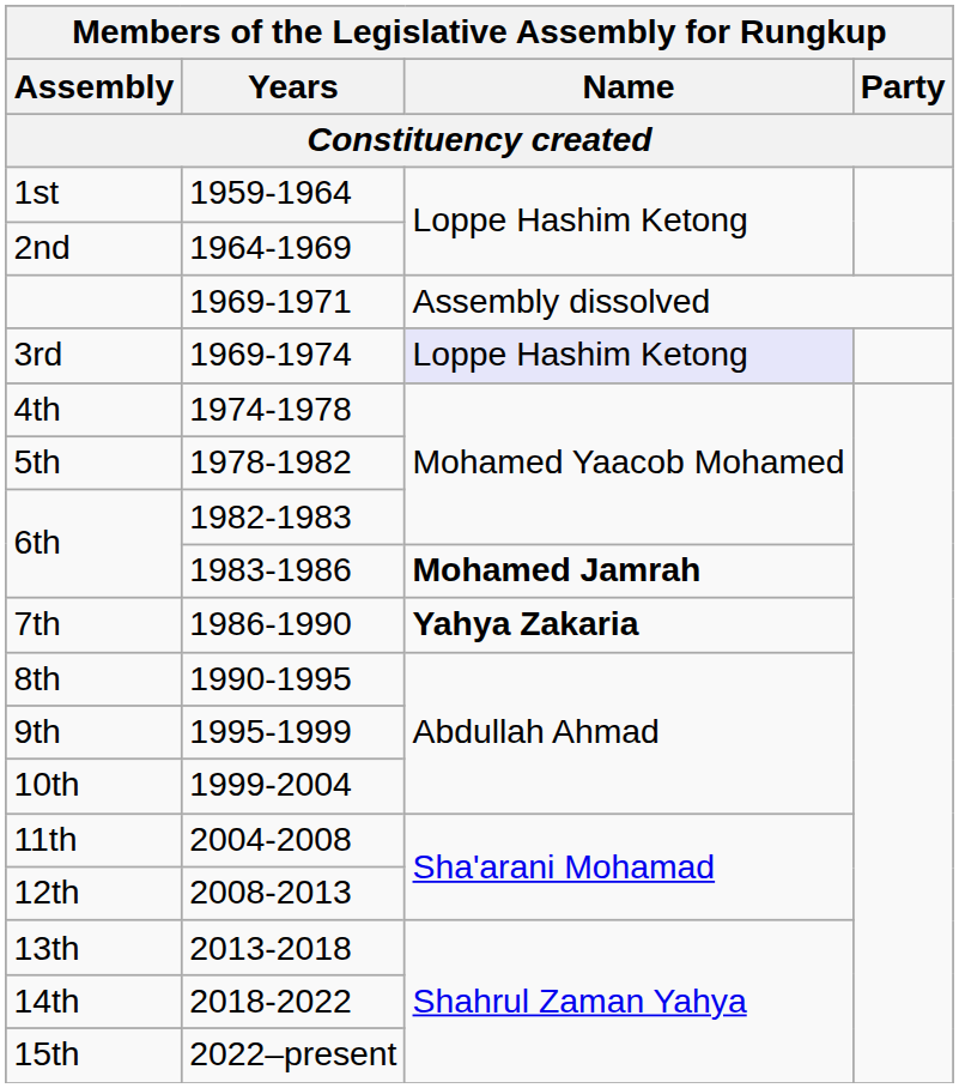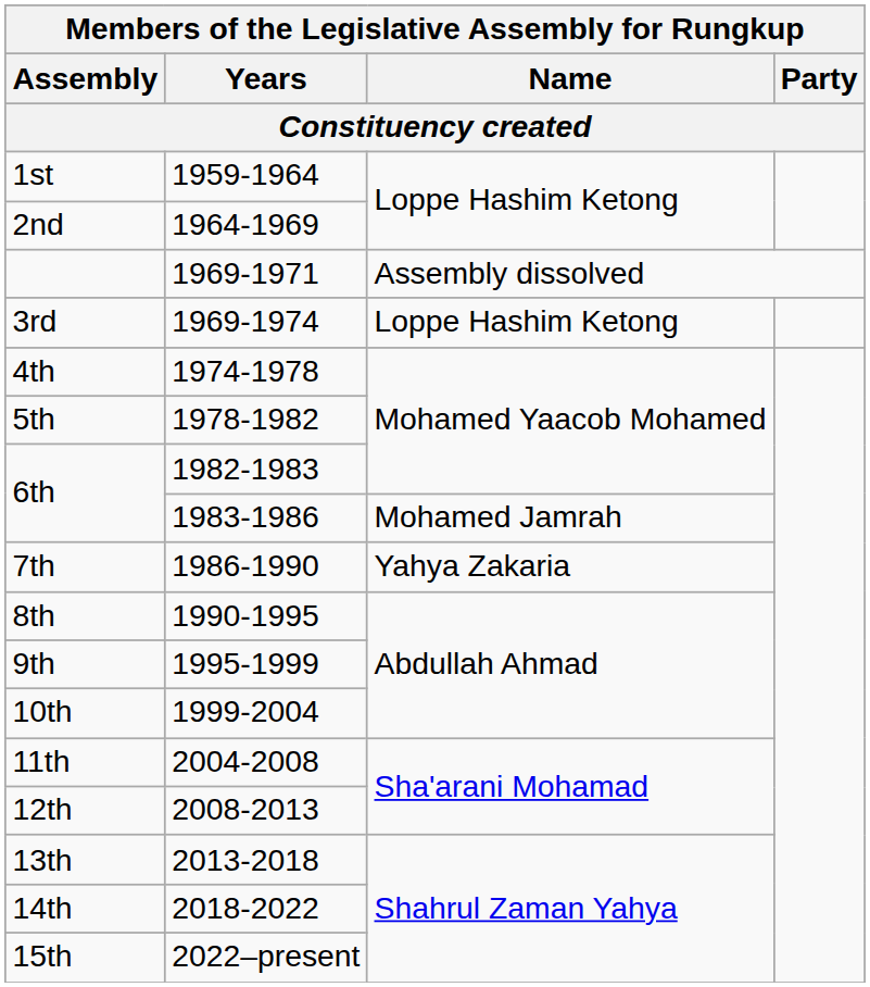 <table class="wikitable">
 <tr>
 <th colspan="4">Members of the Legislative Assembly for Rungkup</th>
 </tr>
 <tr>
 <th>Assembly</th>
 <th>Years</th>
 <th>Name</th>
 <th>Party</th>
 </tr>
 <tr>
 <th colspan="4"><em>Constituency created</em></th>
 </tr>
 <tr>
 <td>1st</td>
 <td>1959-1964</td>
 <td rowspan="2">Loppe Hashim Ketong</td>
 <td rowspan="2"></td>
 </tr>
 <tr>
 <td>2nd</td>
 <td>1964-1969</td>
 </tr>
 <tr>
 <td></td>
 <td>1969-1971</td>
 <td colspan="2">Assembly dissolved</td>
 </tr>
 <tr>
 <td>3rd</td>
 <td>1969-1974</td>
-<td style="background: lavender;">Loppe Hashim Ketong</td>
+<td>Loppe Hashim Ketong</td>
 <td></td>
 </tr>
 <tr>
 <td>4th</td>
 <td>1974-1978</td>
 <td rowspan="3">Mohamed Yaacob Mohamed</td>
 <td rowspan="13"></td>
 </tr>
 <tr>
 <td>5th</td>
 <td>1978-1982</td>
 </tr>
 <tr>
 <td rowspan="2">6th</td>
 <td>1982-1983</td>
 </tr>
 <tr>
 <td>1983-1986</td>
-<td><strong>Mohamed Jamrah</strong></td>
+<td>Mohamed Jamrah</td>
 </tr>
 <tr>
 <td>7th</td>
 <td>1986-1990</td>
-<td><strong>Yahya Zakaria</strong></td>
+<td>Yahya Zakaria</td>
 </tr>
 <tr>
 <td>8th</td>
 <td>1990-1995</td>
 <td rowspan="3">Abdullah Ahmad</td>
 </tr>
 <tr>
 <td>9th</td>
 <td>1995-1999</td>
 </tr>
 <tr>
 <td>10th</td>
 <td>1999-2004</td>
 </tr>
 <tr>
 <td>11th</td>
 <td>2004-2008</td>
 <td rowspan="2"><a href='#'>Sha'arani Mohamad</a></td>
 </tr>
 <tr>
 <td>12th</td>
 <td>2008-2013</td>
 </tr>
 <tr>
 <td>13th</td>
 <td>2013-2018</td>
 <td rowspan="3"><a href='#'>Shahrul Zaman Yahya</a></td>
 </tr>
 <tr>
 <td>14th</td>
 <td>2018-2022</td>
 </tr>
 <tr>
 <td>15th</td>
 <td>2022–present</td>
 </tr>
 </table>
